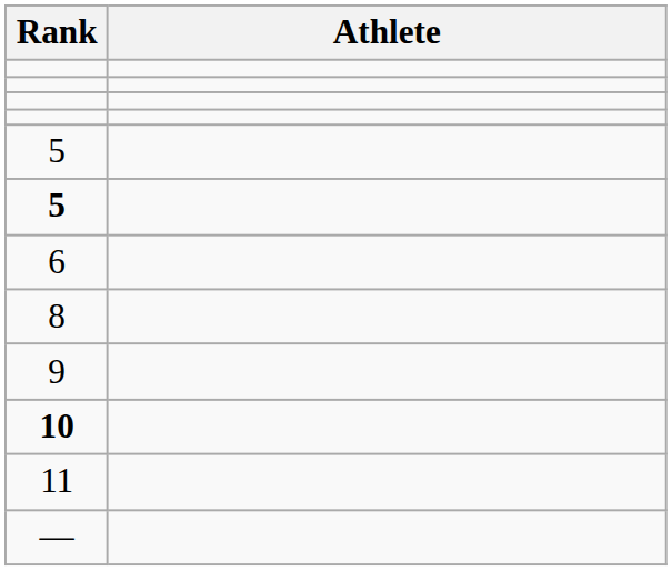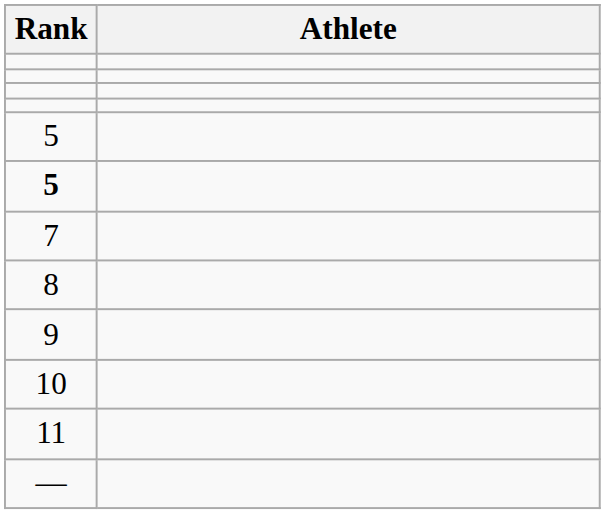 <table class="wikitable" style="text-align: center;">
 <tr>
 <th width=40>Rank</th>
 <th width=250>Athlete</th>
 </tr>
 <tr>
 <td></td>
 <td align=left></td>
 </tr>
 <tr>
 <td></td>
 <td align=left></td>
 </tr>
 <tr>
 <td></td>
 <td align=left></td>
 </tr>
 <tr>
 <td></td>
 <td align=left></td>
 </tr>
 <tr>
 <td>5</td>
 <td align=left></td>
 </tr>
 <tr>
 <td><strong>5</strong></td>
 <td align=left></td>
 </tr>
 <tr>
-<td>6</td>
+<td>7</td>
 <td align=left></td>
 </tr>
 <tr>
 <td>8</td>
 <td align=left></td>
 </tr>
 <tr>
 <td>9</td>
 <td align=left></td>
 </tr>
 <tr>
-<td><strong>10</strong></td>
+<td>10</td>
 <td align=left></td>
 </tr>
 <tr>
 <td>11</td>
 <td align=left></td>
 </tr>
 <tr>
 <td>—</td>
 <td align=left></td>
 </tr>
 </table>
